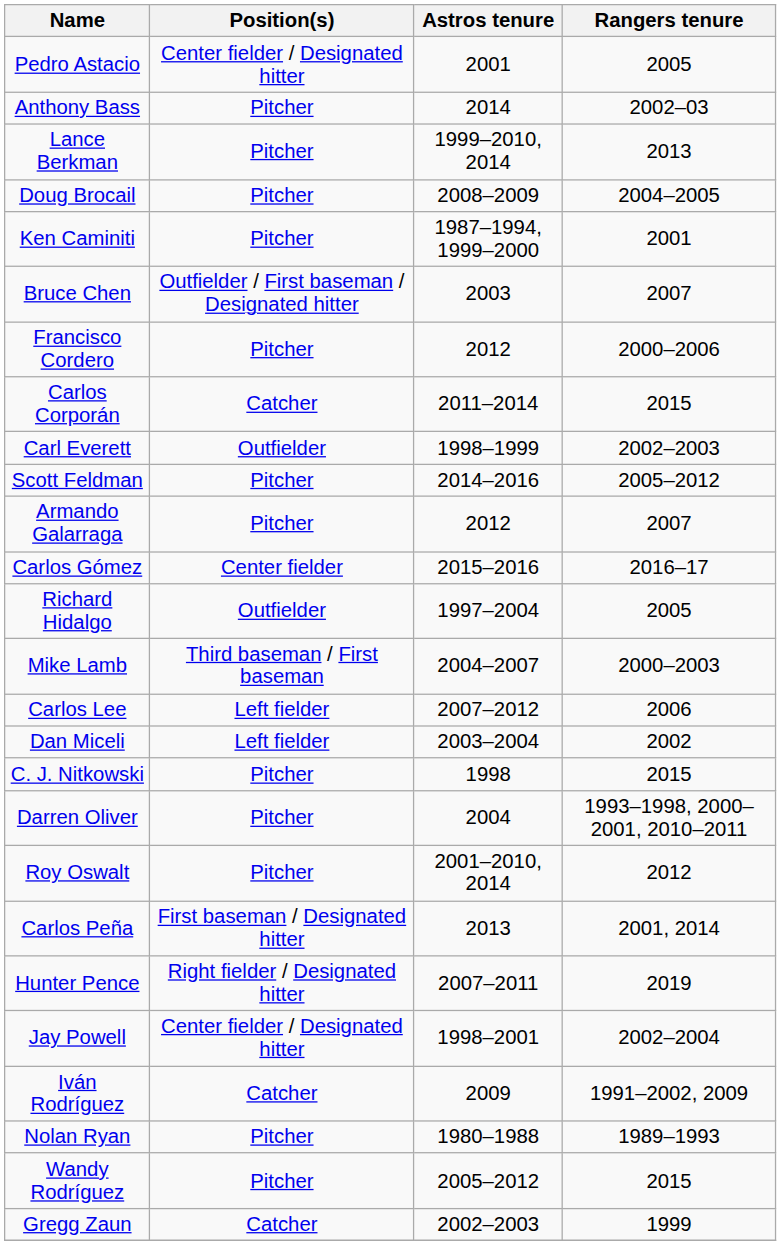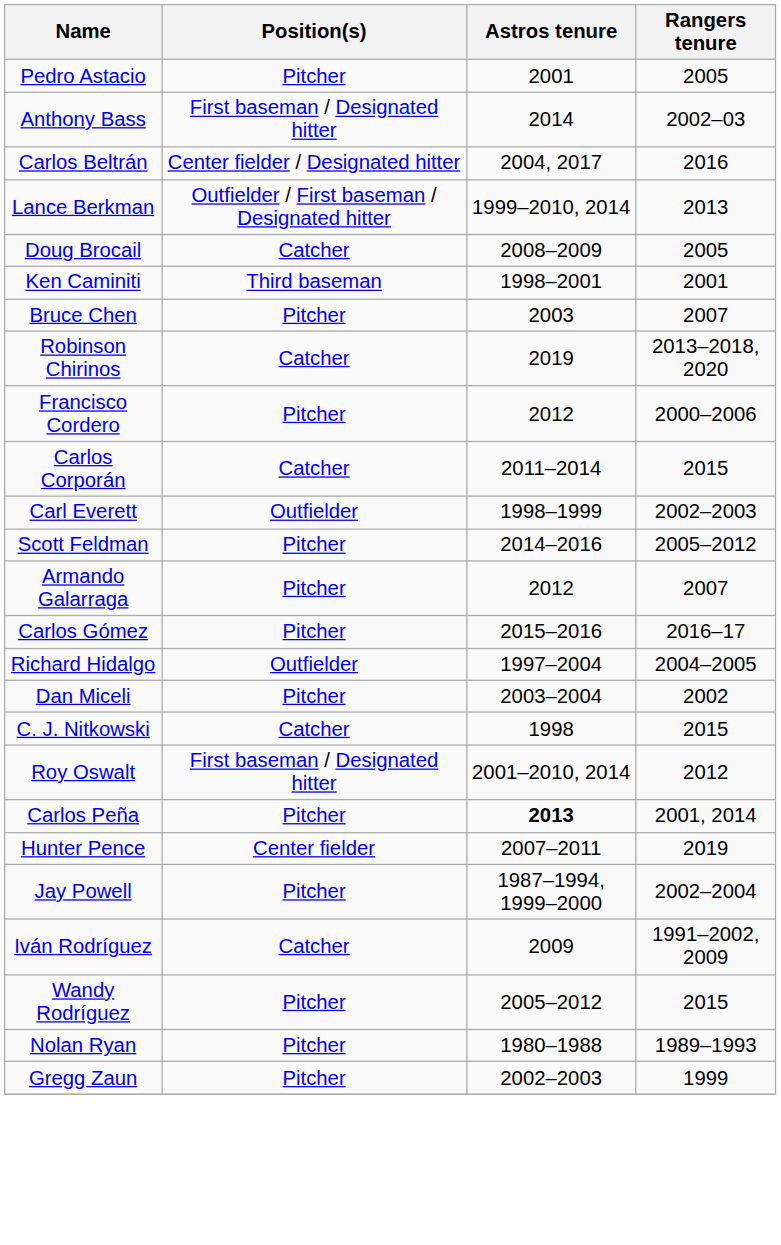 <table class="wikitable" style="text-align:center">
 <tr>
 <th>Name</th>
 <th>Position(s)</th>
 <th>Astros tenure</th>
 <th>Rangers tenure</th>
 </tr>
 <tr>
 <td><a href='#'>Pedro Astacio</a></td>
-<td><a href='#'>Center fielder</a> / <a href='#'>Designated hitter</a></td>
+<td><a href='#'>Pitcher</a></td>
 <td>2001</td>
 <td>2005</td>
 </tr>
 <tr>
 <td><a href='#'>Anthony Bass</a></td>
-<td><a href='#'>Pitcher</a></td>
+<td><a href='#'>First baseman</a> / <a href='#'>Designated hitter</a></td>
 <td>2014</td>
 <td>2002–03</td>
 </tr>
 <tr>
+<td><a href='#'>Carlos Beltrán</a></td>
+<td><a href='#'>Center fielder</a> / <a href='#'>Designated hitter</a></td>
+<td>2004, 2017</td>
+<td>2016</td>
+</tr>
+<tr>
 <td><a href='#'>Lance Berkman</a></td>
-<td><a href='#'>Pitcher</a></td>
+<td><a href='#'>Outfielder</a> / <a href='#'>First baseman</a> / <a href='#'>Designated hitter</a></td>
 <td>1999–2010, 2014</td>
 <td>2013</td>
 </tr>
 <tr>
 <td><a href='#'>Doug Brocail</a></td>
-<td><a href='#'>Pitcher</a></td>
+<td><a href='#'>Catcher</a></td>
 <td>2008–2009</td>
-<td>2004–2005</td>
+<td>2005</td>
 </tr>
 <tr>
 <td><a href='#'>Ken Caminiti</a></td>
-<td><a href='#'>Pitcher</a></td>
-<td>1987–1994, 1999–2000</td>
+<td><a href='#'>Third baseman</a></td>
+<td>1998–2001</td>
 <td>2001</td>
 </tr>
 <tr>
 <td><a href='#'>Bruce Chen</a></td>
-<td><a href='#'>Outfielder</a> / <a href='#'>First baseman</a> / <a href='#'>Designated hitter</a></td>
+<td><a href='#'>Pitcher</a></td>
 <td>2003</td>
 <td>2007</td>
+</tr>
+<tr>
+<td><a href='#'>Robinson Chirinos</a></td>
+<td><a href='#'>Catcher</a></td>
+<td>2019</td>
+<td>2013–2018, 2020</td>
 </tr>
 <tr>
 <td><a href='#'>Francisco Cordero</a></td>
 <td><a href='#'>Pitcher</a></td>
 <td>2012</td>
 <td>2000–2006</td>
 </tr>
 <tr>
 <td><a href='#'>Carlos Corporán</a></td>
 <td><a href='#'>Catcher</a></td>
 <td>2011–2014</td>
 <td>2015</td>
 </tr>
 <tr>
 <td><a href='#'>Carl Everett</a></td>
 <td><a href='#'>Outfielder</a></td>
 <td>1998–1999</td>
 <td>2002–2003</td>
 </tr>
 <tr>
 <td><a href='#'>Scott Feldman</a></td>
 <td><a href='#'>Pitcher</a></td>
 <td>2014–2016</td>
 <td>2005–2012</td>
 </tr>
 <tr>
 <td><a href='#'>Armando Galarraga</a></td>
 <td><a href='#'>Pitcher</a></td>
 <td>2012</td>
 <td>2007</td>
 </tr>
 <tr>
 <td><a href='#'>Carlos Gómez</a></td>
-<td><a href='#'>Center fielder</a></td>
+<td><a href='#'>Pitcher</a></td>
 <td>2015–2016</td>
 <td>2016–17</td>
 </tr>
 <tr>
 <td><a href='#'>Richard Hidalgo</a></td>
 <td><a href='#'>Outfielder</a></td>
 <td>1997–2004</td>
-<td>2005</td>
-</tr>
-<tr>
-<td><a href='#'>Mike Lamb</a></td>
-<td><a href='#'>Third baseman</a> / <a href='#'>First baseman</a></td>
-<td>2004–2007</td>
-<td>2000–2003</td>
-</tr>
-<tr>
-<td><a href='#'>Carlos Lee</a></td>
-<td><a href='#'>Left fielder</a></td>
-<td>2007–2012</td>
-<td>2006</td>
+<td>2004–2005</td>
 </tr>
 <tr>
 <td><a href='#'>Dan Miceli</a></td>
-<td><a href='#'>Left fielder</a></td>
+<td><a href='#'>Pitcher</a></td>
 <td>2003–2004</td>
 <td>2002</td>
 </tr>
 <tr>
 <td><a href='#'>C. J. Nitkowski</a></td>
-<td><a href='#'>Pitcher</a></td>
+<td><a href='#'>Catcher</a></td>
 <td>1998</td>
 <td>2015</td>
 </tr>
 <tr>
-<td><a href='#'>Darren Oliver</a></td>
-<td><a href='#'>Pitcher</a></td>
-<td>2004</td>
-<td>1993–1998, 2000–2001, 2010–2011</td>
-</tr>
-<tr>
 <td><a href='#'>Roy Oswalt</a></td>
-<td><a href='#'>Pitcher</a></td>
+<td><a href='#'>First baseman</a> / <a href='#'>Designated hitter</a></td>
 <td>2001–2010, 2014</td>
 <td>2012</td>
 </tr>
 <tr>
 <td><a href='#'>Carlos Peña</a></td>
-<td><a href='#'>First baseman</a> / <a href='#'>Designated hitter</a></td>
-<td>2013</td>
+<td><a href='#'>Pitcher</a></td>
+<td><strong>2013</strong></td>
 <td>2001, 2014</td>
 </tr>
 <tr>
 <td><a href='#'>Hunter Pence</a></td>
-<td><a href='#'>Right fielder</a> / <a href='#'>Designated hitter</a></td>
+<td><a href='#'>Center fielder</a></td>
 <td>2007–2011</td>
 <td>2019</td>
 </tr>
 <tr>
 <td><a href='#'>Jay Powell</a></td>
-<td><a href='#'>Center fielder</a> / <a href='#'>Designated hitter</a></td>
-<td>1998–2001</td>
+<td><a href='#'>Pitcher</a></td>
+<td>1987–1994, 1999–2000</td>
 <td>2002–2004</td>
 </tr>
 <tr>
 <td><a href='#'>Iván Rodríguez</a></td>
 <td><a href='#'>Catcher</a></td>
 <td>2009</td>
 <td>1991–2002, 2009</td>
 </tr>
 <tr>
+<td><a href='#'>Wandy Rodríguez</a></td>
+<td><a href='#'>Pitcher</a></td>
+<td>2005–2012</td>
+<td>2015</td>
+</tr>
+<tr>
 <td><a href='#'>Nolan Ryan</a></td>
 <td><a href='#'>Pitcher</a></td>
 <td>1980–1988</td>
 <td>1989–1993</td>
 </tr>
 <tr>
-<td><a href='#'>Wandy Rodríguez</a></td>
+<td><a href='#'>Gregg Zaun</a></td>
 <td><a href='#'>Pitcher</a></td>
-<td>2005–2012</td>
-<td>2015</td>
-</tr>
-<tr>
-<td><a href='#'>Gregg Zaun</a></td>
-<td><a href='#'>Catcher</a></td>
 <td>2002–2003</td>
 <td>1999</td>
 </tr>
 <tr>
 </tr>
 </table>
